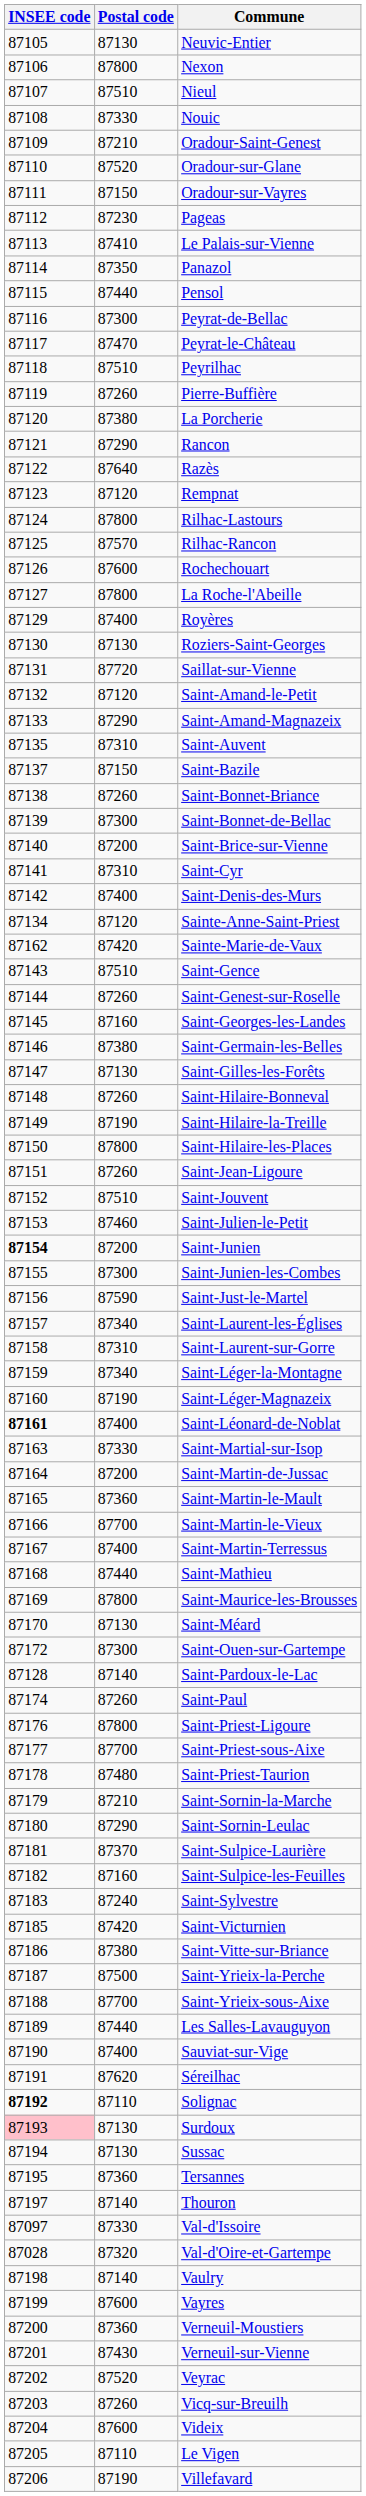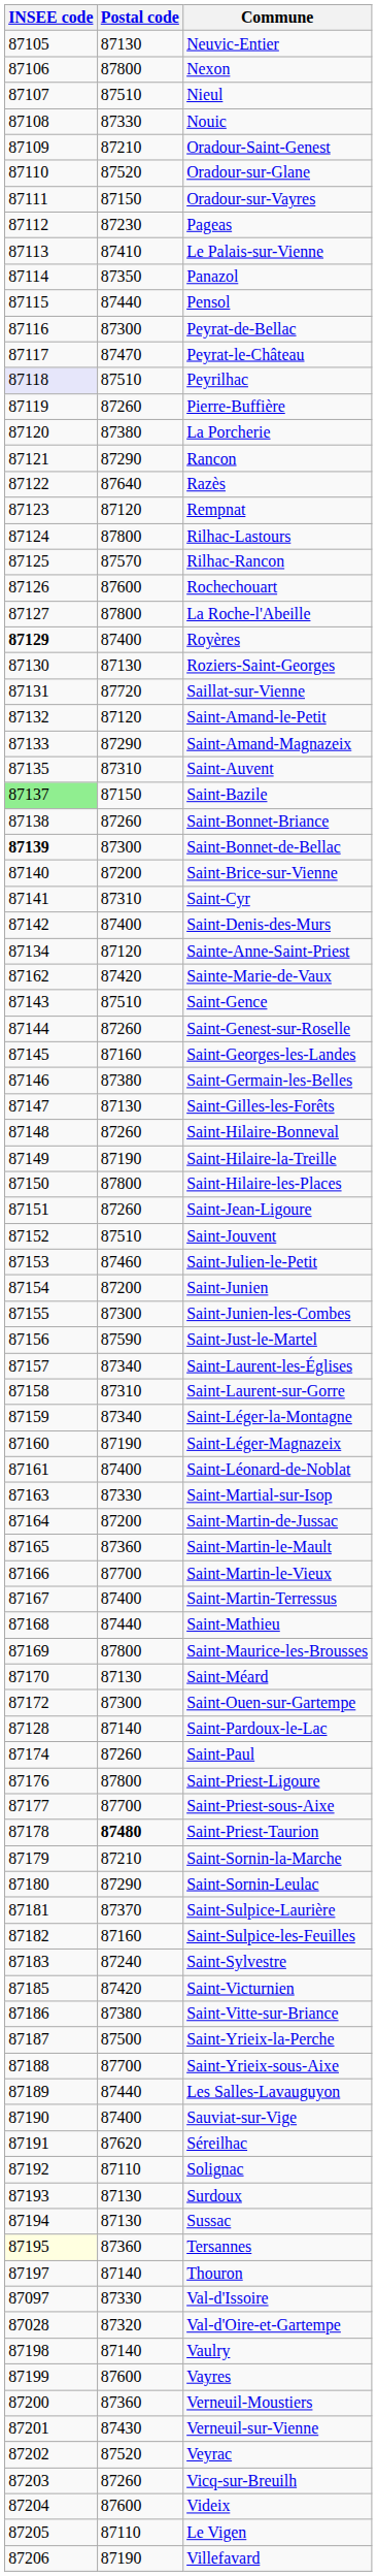 <table class="wikitable sortable">
 <tr>
 <th><a href='#'>INSEE code</a></th>
 <th><a href='#'>Postal code</a></th>
 <th>Commune</th>
 </tr>
 <tr>
 <td>87105</td>
 <td>87130</td>
 <td><a href='#'>Neuvic-Entier</a></td>
 </tr>
 <tr>
 <td>87106</td>
 <td>87800</td>
 <td><a href='#'>Nexon</a></td>
 </tr>
 <tr>
 <td>87107</td>
 <td>87510</td>
 <td><a href='#'>Nieul</a></td>
 </tr>
 <tr>
 <td>87108</td>
 <td>87330</td>
 <td><a href='#'>Nouic</a></td>
 </tr>
 <tr>
 <td>87109</td>
 <td>87210</td>
 <td><a href='#'>Oradour-Saint-Genest</a></td>
 </tr>
 <tr>
 <td>87110</td>
 <td>87520</td>
 <td><a href='#'>Oradour-sur-Glane</a></td>
 </tr>
 <tr>
 <td>87111</td>
 <td>87150</td>
 <td><a href='#'>Oradour-sur-Vayres</a></td>
 </tr>
 <tr>
 <td>87112</td>
 <td>87230</td>
 <td><a href='#'>Pageas</a></td>
 </tr>
 <tr>
 <td>87113</td>
 <td>87410</td>
 <td><a href='#'>Le Palais-sur-Vienne</a></td>
 </tr>
 <tr>
 <td>87114</td>
 <td>87350</td>
 <td><a href='#'>Panazol</a></td>
 </tr>
 <tr>
 <td>87115</td>
 <td>87440</td>
 <td><a href='#'>Pensol</a></td>
 </tr>
 <tr>
 <td>87116</td>
 <td>87300</td>
 <td><a href='#'>Peyrat-de-Bellac</a></td>
 </tr>
 <tr>
 <td>87117</td>
 <td>87470</td>
 <td><a href='#'>Peyrat-le-Château</a></td>
 </tr>
 <tr>
-<td>87118</td>
+<td style="background: lavender;">87118</td>
 <td>87510</td>
 <td><a href='#'>Peyrilhac</a></td>
 </tr>
 <tr>
 <td>87119</td>
 <td>87260</td>
 <td><a href='#'>Pierre-Buffière</a></td>
 </tr>
 <tr>
 <td>87120</td>
 <td>87380</td>
 <td><a href='#'>La Porcherie</a></td>
 </tr>
 <tr>
 <td>87121</td>
 <td>87290</td>
 <td><a href='#'>Rancon</a></td>
 </tr>
 <tr>
 <td>87122</td>
 <td>87640</td>
 <td><a href='#'>Razès</a></td>
 </tr>
 <tr>
 <td>87123</td>
 <td>87120</td>
 <td><a href='#'>Rempnat</a></td>
 </tr>
 <tr>
 <td>87124</td>
 <td>87800</td>
 <td><a href='#'>Rilhac-Lastours</a></td>
 </tr>
 <tr>
 <td>87125</td>
 <td>87570</td>
 <td><a href='#'>Rilhac-Rancon</a></td>
 </tr>
 <tr>
 <td>87126</td>
 <td>87600</td>
 <td><a href='#'>Rochechouart</a></td>
 </tr>
 <tr>
 <td>87127</td>
 <td>87800</td>
 <td><a href='#'>La Roche-l'Abeille</a></td>
 </tr>
 <tr>
-<td>87129</td>
+<td><strong>87129</strong></td>
 <td>87400</td>
 <td><a href='#'>Royères</a></td>
 </tr>
 <tr>
 <td>87130</td>
 <td>87130</td>
 <td><a href='#'>Roziers-Saint-Georges</a></td>
 </tr>
 <tr>
 <td>87131</td>
 <td>87720</td>
 <td><a href='#'>Saillat-sur-Vienne</a></td>
 </tr>
 <tr>
 <td>87132</td>
 <td>87120</td>
 <td><a href='#'>Saint-Amand-le-Petit</a></td>
 </tr>
 <tr>
 <td>87133</td>
 <td>87290</td>
 <td><a href='#'>Saint-Amand-Magnazeix</a></td>
 </tr>
 <tr>
 <td>87135</td>
 <td>87310</td>
 <td><a href='#'>Saint-Auvent</a></td>
 </tr>
 <tr>
-<td>87137</td>
+<td style="background: lightgreen;">87137</td>
 <td>87150</td>
 <td><a href='#'>Saint-Bazile</a></td>
 </tr>
 <tr>
 <td>87138</td>
 <td>87260</td>
 <td><a href='#'>Saint-Bonnet-Briance</a></td>
 </tr>
 <tr>
-<td>87139</td>
+<td><strong>87139</strong></td>
 <td>87300</td>
 <td><a href='#'>Saint-Bonnet-de-Bellac</a></td>
 </tr>
 <tr>
 <td>87140</td>
 <td>87200</td>
 <td><a href='#'>Saint-Brice-sur-Vienne</a></td>
 </tr>
 <tr>
 <td>87141</td>
 <td>87310</td>
 <td><a href='#'>Saint-Cyr</a></td>
 </tr>
 <tr>
 <td>87142</td>
 <td>87400</td>
 <td><a href='#'>Saint-Denis-des-Murs</a></td>
 </tr>
 <tr>
 <td>87134</td>
 <td>87120</td>
 <td><a href='#'>Sainte-Anne-Saint-Priest</a></td>
 </tr>
 <tr>
 <td>87162</td>
 <td>87420</td>
 <td><a href='#'>Sainte-Marie-de-Vaux</a></td>
 </tr>
 <tr>
 <td>87143</td>
 <td>87510</td>
 <td><a href='#'>Saint-Gence</a></td>
 </tr>
 <tr>
 <td>87144</td>
 <td>87260</td>
 <td><a href='#'>Saint-Genest-sur-Roselle</a></td>
 </tr>
 <tr>
 <td>87145</td>
 <td>87160</td>
 <td><a href='#'>Saint-Georges-les-Landes</a></td>
 </tr>
 <tr>
 <td>87146</td>
 <td>87380</td>
 <td><a href='#'>Saint-Germain-les-Belles</a></td>
 </tr>
 <tr>
 <td>87147</td>
 <td>87130</td>
 <td><a href='#'>Saint-Gilles-les-Forêts</a></td>
 </tr>
 <tr>
 <td>87148</td>
 <td>87260</td>
 <td><a href='#'>Saint-Hilaire-Bonneval</a></td>
 </tr>
 <tr>
 <td>87149</td>
 <td>87190</td>
 <td><a href='#'>Saint-Hilaire-la-Treille</a></td>
 </tr>
 <tr>
 <td>87150</td>
 <td>87800</td>
 <td><a href='#'>Saint-Hilaire-les-Places</a></td>
 </tr>
 <tr>
 <td>87151</td>
 <td>87260</td>
 <td><a href='#'>Saint-Jean-Ligoure</a></td>
 </tr>
 <tr>
 <td>87152</td>
 <td>87510</td>
 <td><a href='#'>Saint-Jouvent</a></td>
 </tr>
 <tr>
 <td>87153</td>
 <td>87460</td>
 <td><a href='#'>Saint-Julien-le-Petit</a></td>
 </tr>
 <tr>
-<td><strong>87154</strong></td>
+<td>87154</td>
 <td>87200</td>
 <td><a href='#'>Saint-Junien</a></td>
 </tr>
 <tr>
 <td>87155</td>
 <td>87300</td>
 <td><a href='#'>Saint-Junien-les-Combes</a></td>
 </tr>
 <tr>
 <td>87156</td>
 <td>87590</td>
 <td><a href='#'>Saint-Just-le-Martel</a></td>
 </tr>
 <tr>
 <td>87157</td>
 <td>87340</td>
 <td><a href='#'>Saint-Laurent-les-Églises</a></td>
 </tr>
 <tr>
 <td>87158</td>
 <td>87310</td>
 <td><a href='#'>Saint-Laurent-sur-Gorre</a></td>
 </tr>
 <tr>
 <td>87159</td>
 <td>87340</td>
 <td><a href='#'>Saint-Léger-la-Montagne</a></td>
 </tr>
 <tr>
 <td>87160</td>
 <td>87190</td>
 <td><a href='#'>Saint-Léger-Magnazeix</a></td>
 </tr>
 <tr>
-<td><strong>87161</strong></td>
+<td>87161</td>
 <td>87400</td>
 <td><a href='#'>Saint-Léonard-de-Noblat</a></td>
 </tr>
 <tr>
 <td>87163</td>
 <td>87330</td>
 <td><a href='#'>Saint-Martial-sur-Isop</a></td>
 </tr>
 <tr>
 <td>87164</td>
 <td>87200</td>
 <td><a href='#'>Saint-Martin-de-Jussac</a></td>
 </tr>
 <tr>
 <td>87165</td>
 <td>87360</td>
 <td><a href='#'>Saint-Martin-le-Mault</a></td>
 </tr>
 <tr>
 <td>87166</td>
 <td>87700</td>
 <td><a href='#'>Saint-Martin-le-Vieux</a></td>
 </tr>
 <tr>
 <td>87167</td>
 <td>87400</td>
 <td><a href='#'>Saint-Martin-Terressus</a></td>
 </tr>
 <tr>
 <td>87168</td>
 <td>87440</td>
 <td><a href='#'>Saint-Mathieu</a></td>
 </tr>
 <tr>
 <td>87169</td>
 <td>87800</td>
 <td><a href='#'>Saint-Maurice-les-Brousses</a></td>
 </tr>
 <tr>
 <td>87170</td>
 <td>87130</td>
 <td><a href='#'>Saint-Méard</a></td>
 </tr>
 <tr>
 <td>87172</td>
 <td>87300</td>
 <td><a href='#'>Saint-Ouen-sur-Gartempe</a></td>
 </tr>
 <tr>
 <td>87128</td>
 <td>87140</td>
 <td><a href='#'>Saint-Pardoux-le-Lac</a></td>
 </tr>
 <tr>
 <td>87174</td>
 <td>87260</td>
 <td><a href='#'>Saint-Paul</a></td>
 </tr>
 <tr>
 <td>87176</td>
 <td>87800</td>
 <td><a href='#'>Saint-Priest-Ligoure</a></td>
 </tr>
 <tr>
 <td>87177</td>
 <td>87700</td>
 <td><a href='#'>Saint-Priest-sous-Aixe</a></td>
 </tr>
 <tr>
 <td>87178</td>
-<td>87480</td>
+<td><strong>87480</strong></td>
 <td><a href='#'>Saint-Priest-Taurion</a></td>
 </tr>
 <tr>
 <td>87179</td>
 <td>87210</td>
 <td><a href='#'>Saint-Sornin-la-Marche</a></td>
 </tr>
 <tr>
 <td>87180</td>
 <td>87290</td>
 <td><a href='#'>Saint-Sornin-Leulac</a></td>
 </tr>
 <tr>
 <td>87181</td>
 <td>87370</td>
 <td><a href='#'>Saint-Sulpice-Laurière</a></td>
 </tr>
 <tr>
 <td>87182</td>
 <td>87160</td>
 <td><a href='#'>Saint-Sulpice-les-Feuilles</a></td>
 </tr>
 <tr>
 <td>87183</td>
 <td>87240</td>
 <td><a href='#'>Saint-Sylvestre</a></td>
 </tr>
 <tr>
 <td>87185</td>
 <td>87420</td>
 <td><a href='#'>Saint-Victurnien</a></td>
 </tr>
 <tr>
 <td>87186</td>
 <td>87380</td>
 <td><a href='#'>Saint-Vitte-sur-Briance</a></td>
 </tr>
 <tr>
 <td>87187</td>
 <td>87500</td>
 <td><a href='#'>Saint-Yrieix-la-Perche</a></td>
 </tr>
 <tr>
 <td>87188</td>
 <td>87700</td>
 <td><a href='#'>Saint-Yrieix-sous-Aixe</a></td>
 </tr>
 <tr>
 <td>87189</td>
 <td>87440</td>
 <td><a href='#'>Les Salles-Lavauguyon</a></td>
 </tr>
 <tr>
 <td>87190</td>
 <td>87400</td>
 <td><a href='#'>Sauviat-sur-Vige</a></td>
 </tr>
 <tr>
 <td>87191</td>
 <td>87620</td>
 <td><a href='#'>Séreilhac</a></td>
 </tr>
 <tr>
-<td><strong>87192</strong></td>
+<td>87192</td>
 <td>87110</td>
 <td><a href='#'>Solignac</a></td>
 </tr>
 <tr>
-<td style="background: pink;">87193</td>
+<td>87193</td>
 <td>87130</td>
 <td><a href='#'>Surdoux</a></td>
 </tr>
 <tr>
 <td>87194</td>
 <td>87130</td>
 <td><a href='#'>Sussac</a></td>
 </tr>
 <tr>
-<td>87195</td>
+<td style="background: lightyellow;">87195</td>
 <td>87360</td>
 <td><a href='#'>Tersannes</a></td>
 </tr>
 <tr>
 <td>87197</td>
 <td>87140</td>
 <td><a href='#'>Thouron</a></td>
 </tr>
 <tr>
 <td>87097</td>
 <td>87330</td>
 <td><a href='#'>Val-d'Issoire</a></td>
 </tr>
 <tr>
 <td>87028</td>
 <td>87320</td>
 <td><a href='#'>Val-d'Oire-et-Gartempe</a></td>
 </tr>
 <tr>
 <td>87198</td>
 <td>87140</td>
 <td><a href='#'>Vaulry</a></td>
 </tr>
 <tr>
 <td>87199</td>
 <td>87600</td>
 <td><a href='#'>Vayres</a></td>
 </tr>
 <tr>
 <td>87200</td>
 <td>87360</td>
 <td><a href='#'>Verneuil-Moustiers</a></td>
 </tr>
 <tr>
 <td>87201</td>
 <td>87430</td>
 <td><a href='#'>Verneuil-sur-Vienne</a></td>
 </tr>
 <tr>
 <td>87202</td>
 <td>87520</td>
 <td><a href='#'>Veyrac</a></td>
 </tr>
 <tr>
 <td>87203</td>
 <td>87260</td>
 <td><a href='#'>Vicq-sur-Breuilh</a></td>
 </tr>
 <tr>
 <td>87204</td>
 <td>87600</td>
 <td><a href='#'>Videix</a></td>
 </tr>
 <tr>
 <td>87205</td>
 <td>87110</td>
 <td><a href='#'>Le Vigen</a></td>
 </tr>
 <tr>
 <td>87206</td>
 <td>87190</td>
 <td><a href='#'>Villefavard</a></td>
 </tr>
 </table>
